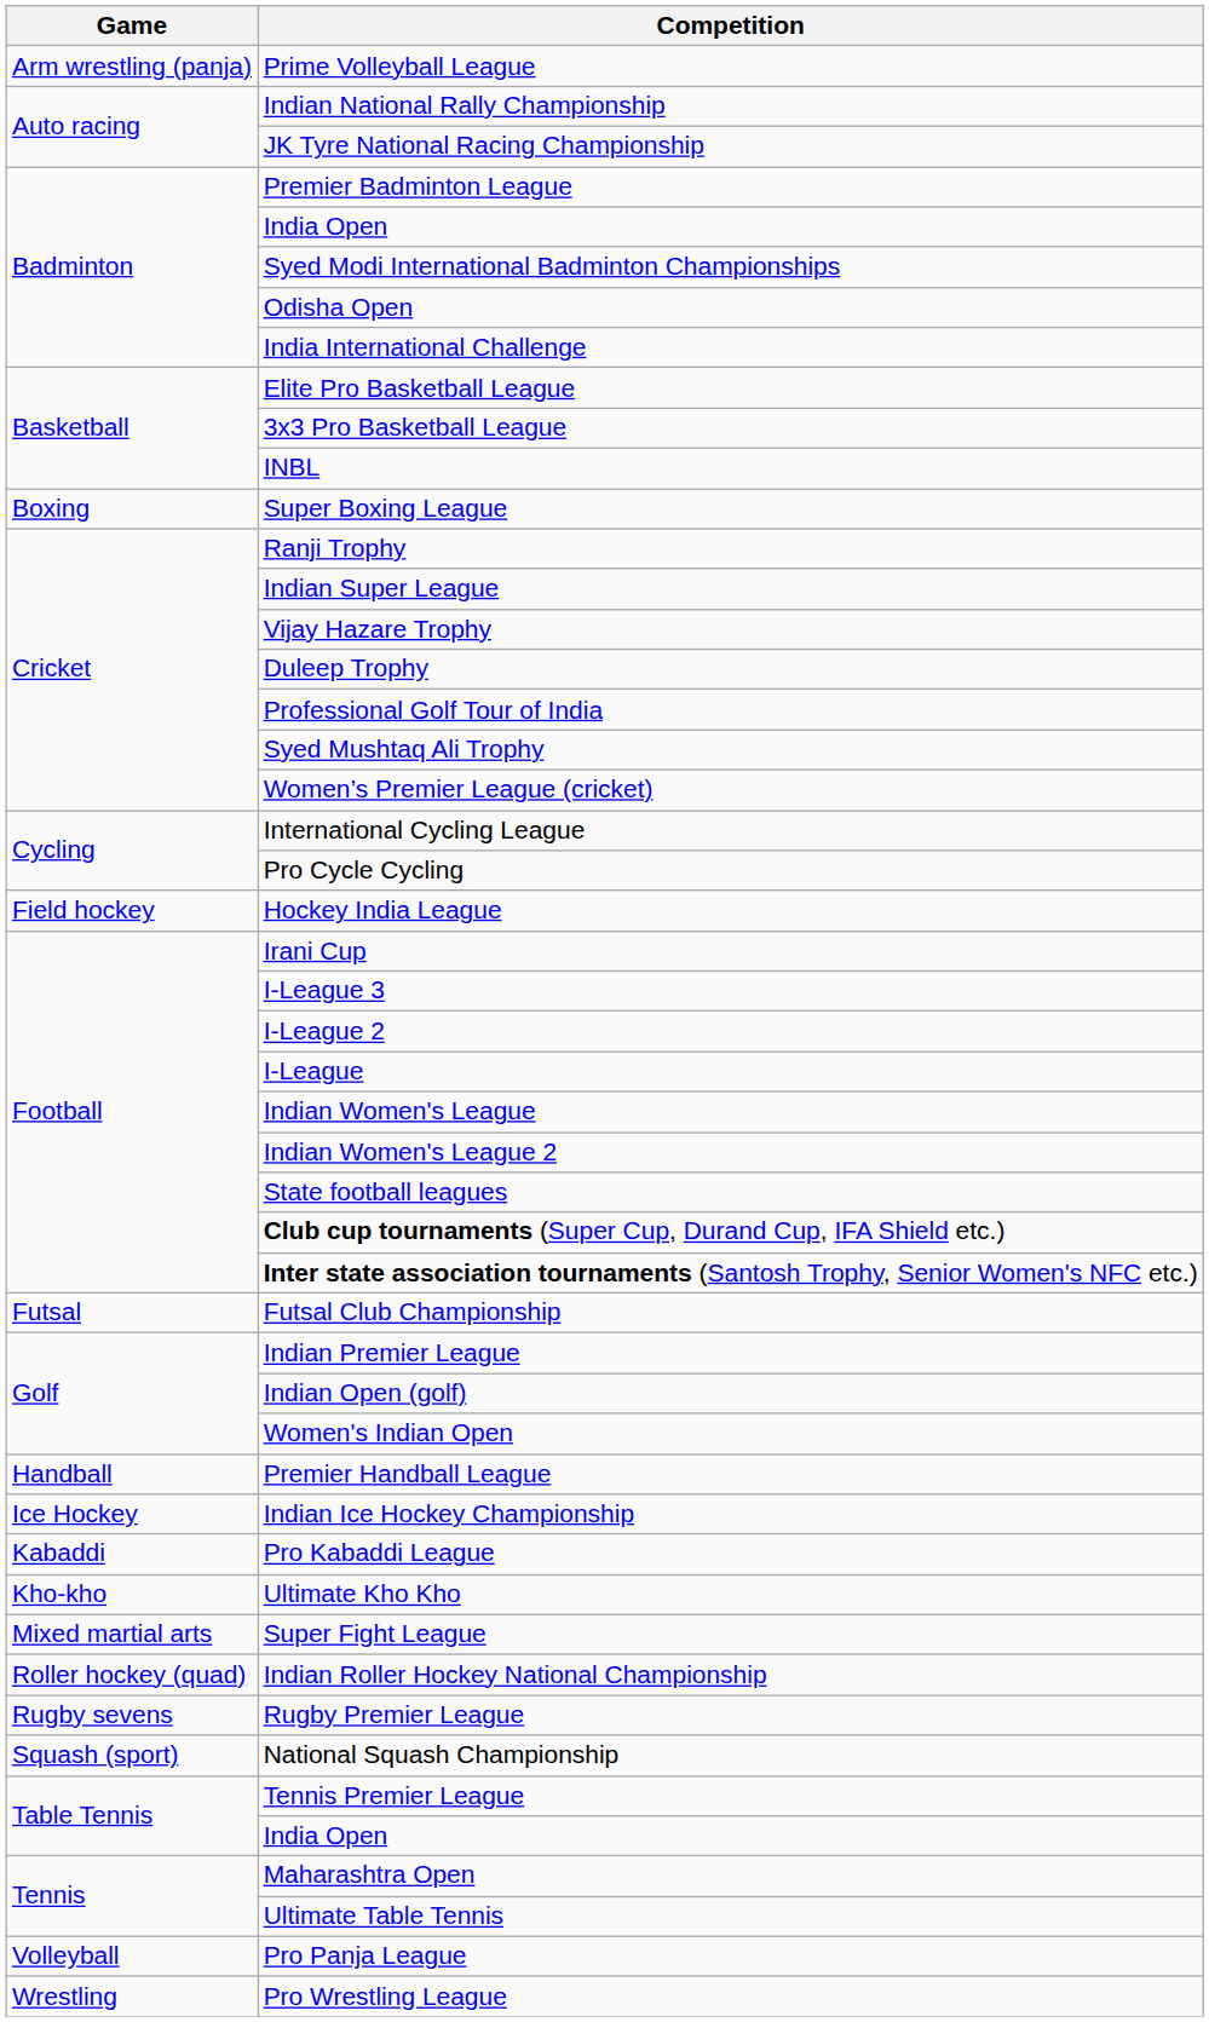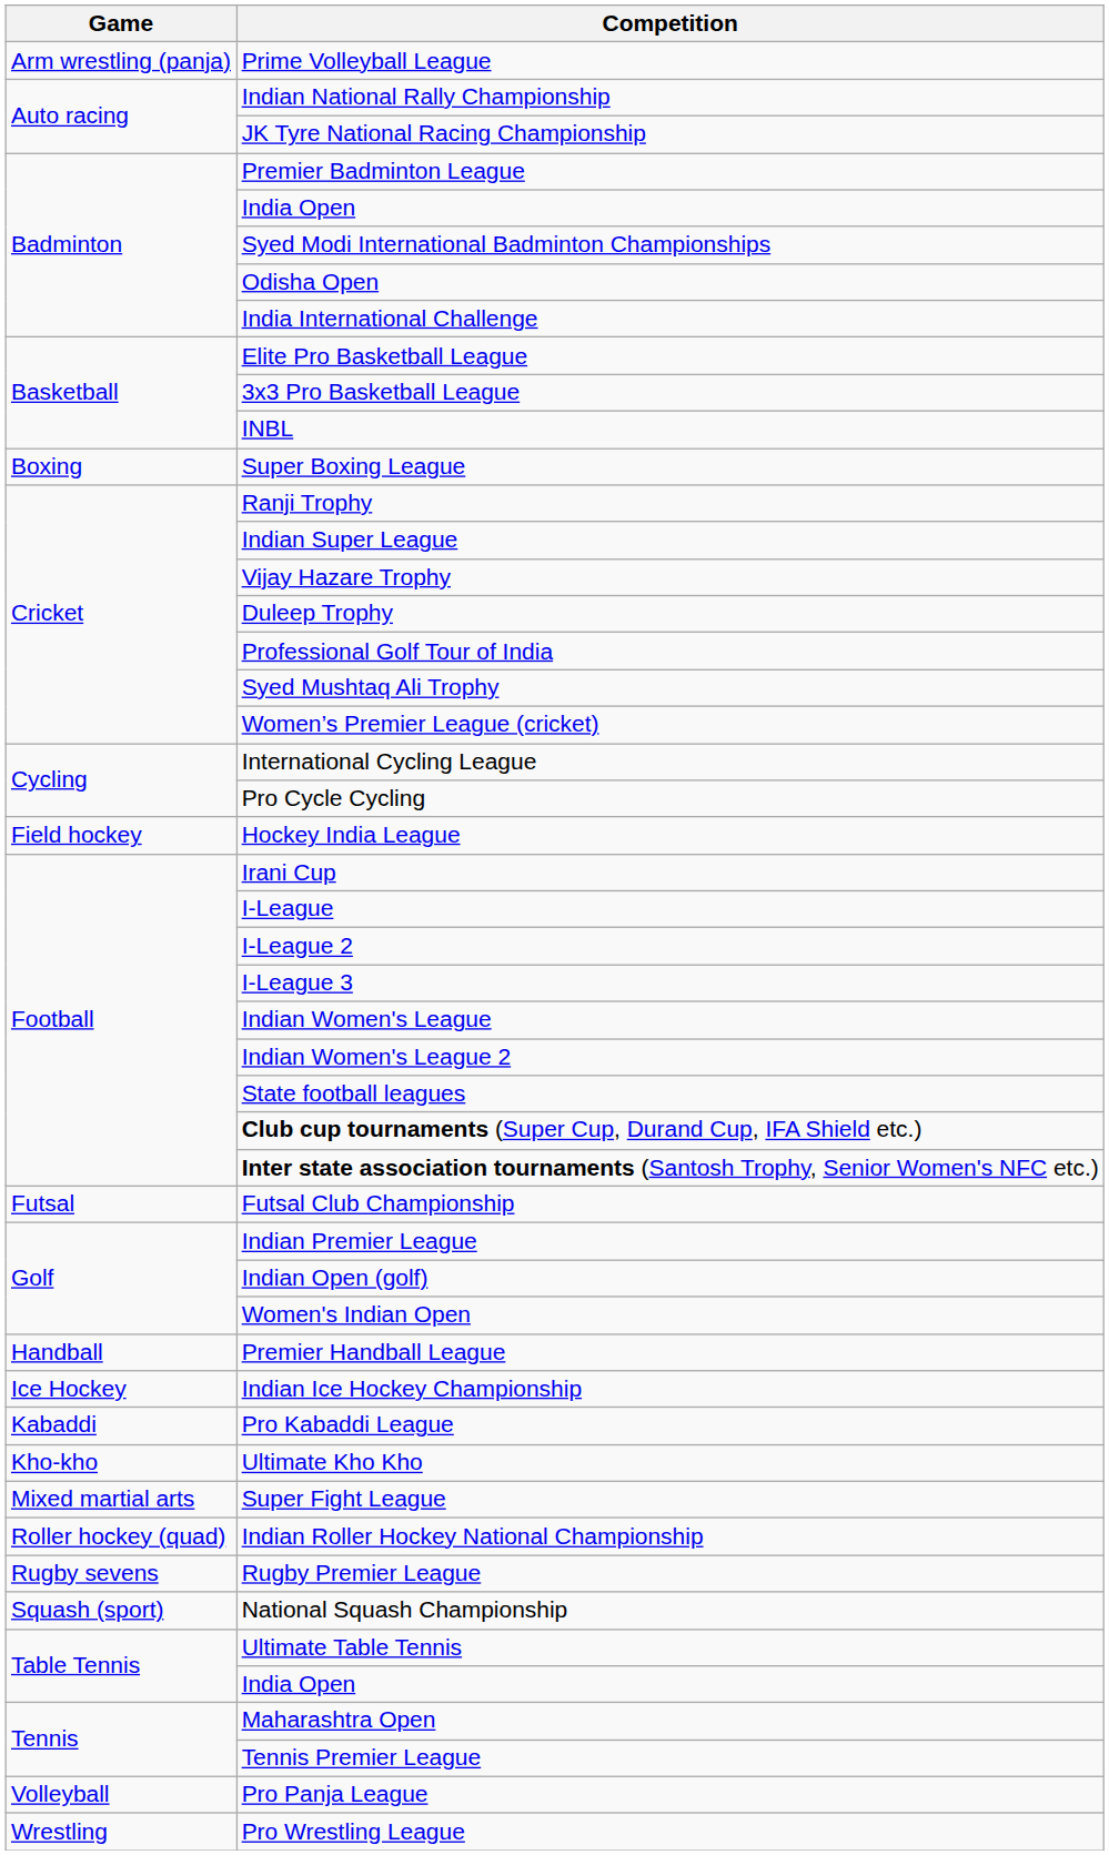 <table class="wikitable sortable" align="center" style="margin:.5em;">
 <tr>
 <th>Game</th>
 <th>Competition</th>
 </tr>
 <tr>
 <td> <a href='#'>Arm wrestling (panja)</a></td>
 <td><a href='#'>Prime Volleyball League</a></td>
 </tr>
 <tr>
 <td rowspan="2"> <a href='#'>Auto racing</a></td>
 <td><a href='#'>Indian National Rally Championship</a></td>
 </tr>
 <tr>
 <td><a href='#'>JK Tyre National Racing Championship</a></td>
 </tr>
 <tr>
 <td rowspan="5"> <a href='#'>Badminton</a></td>
 <td><a href='#'>Premier Badminton League</a></td>
 </tr>
 <tr>
 <td><a href='#'>India Open</a></td>
 </tr>
 <tr>
 <td><a href='#'>Syed Modi International Badminton Championships</a></td>
 </tr>
 <tr>
 <td><a href='#'>Odisha Open</a></td>
 </tr>
 <tr>
 <td><a href='#'>India International Challenge</a></td>
 </tr>
 <tr>
 <td rowspan="3"> <a href='#'>Basketball</a></td>
 <td><a href='#'>Elite Pro Basketball League</a></td>
 </tr>
 <tr>
 <td><a href='#'>3x3 Pro Basketball League</a></td>
 </tr>
 <tr>
 <td><a href='#'>INBL</a></td>
 </tr>
 <tr>
 <td> <a href='#'>Boxing</a></td>
 <td><a href='#'>Super Boxing League</a></td>
 </tr>
 <tr>
 <td rowspan="7"> <a href='#'>Cricket</a></td>
 <td><a href='#'>Ranji Trophy</a></td>
 </tr>
 <tr>
 <td><a href='#'>Indian Super League</a></td>
 </tr>
 <tr>
 <td><a href='#'>Vijay Hazare Trophy</a></td>
 </tr>
 <tr>
 <td><a href='#'>Duleep Trophy</a></td>
 </tr>
 <tr>
 <td><a href='#'>Professional Golf Tour of India</a></td>
 </tr>
 <tr>
 <td><a href='#'>Syed Mushtaq Ali Trophy</a></td>
 </tr>
 <tr>
 <td><a href='#'>Women’s Premier League (cricket)</a></td>
 </tr>
 <tr>
 <td rowspan="2"> <a href='#'>Cycling</a></td>
 <td>International Cycling League</td>
 </tr>
 <tr>
 <td>Pro Cycle Cycling</td>
 </tr>
 <tr>
 <td> <a href='#'>Field hockey</a></td>
 <td><a href='#'>Hockey India League</a></td>
 </tr>
 <tr>
 <td rowspan="9"> <a href='#'>Football</a></td>
 <td><a href='#'>Irani Cup</a></td>
 </tr>
 <tr>
-<td><a href='#'>I-League 3</a></td>
+<td><a href='#'>I-League</a></td>
 </tr>
 <tr>
 <td><a href='#'>I-League 2</a></td>
 </tr>
 <tr>
-<td><a href='#'>I-League</a></td>
+<td><a href='#'>I-League 3</a></td>
 </tr>
 <tr>
 <td><a href='#'>Indian Women's League</a></td>
 </tr>
 <tr>
 <td><a href='#'>Indian Women's League 2</a></td>
 </tr>
 <tr>
 <td><a href='#'>State football leagues</a></td>
 </tr>
 <tr>
 <td><strong>Club cup tournaments</strong> (<a href='#'>Super Cup</a>, <a href='#'>Durand Cup</a>, <a href='#'>IFA Shield</a> etc.)</td>
 </tr>
 <tr>
 <td><strong>Inter state association tournaments</strong> (<a href='#'>Santosh Trophy</a>, <a href='#'>Senior Women's NFC</a> etc.)</td>
 </tr>
 <tr>
 <td> <a href='#'>Futsal</a></td>
 <td><a href='#'>Futsal Club Championship</a></td>
 </tr>
 <tr>
 <td rowspan="3"> <a href='#'>Golf</a></td>
 <td><a href='#'>Indian Premier League</a></td>
 </tr>
 <tr>
 <td><a href='#'>Indian Open (golf)</a></td>
 </tr>
 <tr>
 <td><a href='#'>Women's Indian Open</a></td>
 </tr>
 <tr>
 <td> <a href='#'>Handball</a></td>
 <td><a href='#'>Premier Handball League</a></td>
 </tr>
 <tr>
 <td> <a href='#'>Ice Hockey</a></td>
 <td><a href='#'>Indian Ice Hockey Championship</a></td>
 </tr>
 <tr>
 <td> <a href='#'>Kabaddi</a></td>
 <td><a href='#'>Pro Kabaddi League</a></td>
 </tr>
 <tr>
 <td> <a href='#'>Kho-kho</a></td>
 <td><a href='#'>Ultimate Kho Kho</a></td>
 </tr>
 <tr>
 <td> <a href='#'>Mixed martial arts</a></td>
 <td><a href='#'>Super Fight League</a></td>
 </tr>
 <tr>
 <td> <a href='#'>Roller hockey (quad)</a></td>
 <td><a href='#'>Indian Roller Hockey National Championship</a></td>
 </tr>
 <tr>
 <td> <a href='#'>Rugby sevens</a></td>
 <td><a href='#'>Rugby Premier League</a></td>
 </tr>
 <tr>
 <td> <a href='#'>Squash (sport)</a></td>
 <td>National Squash Championship</td>
 </tr>
 <tr>
 <td rowspan="2"> <a href='#'>Table Tennis</a></td>
-<td><a href='#'>Tennis Premier League</a></td>
+<td><a href='#'>Ultimate Table Tennis</a></td>
 </tr>
 <tr>
 <td><a href='#'>India Open</a></td>
 </tr>
 <tr>
 <td rowspan="2"> <a href='#'>Tennis</a></td>
 <td><a href='#'>Maharashtra Open</a></td>
 </tr>
 <tr>
-<td><a href='#'>Ultimate Table Tennis</a></td>
+<td><a href='#'>Tennis Premier League</a></td>
 </tr>
 <tr>
 <td> <a href='#'>Volleyball</a></td>
 <td><a href='#'>Pro Panja League</a></td>
 </tr>
 <tr>
 <td> <a href='#'>Wrestling</a></td>
 <td><a href='#'>Pro Wrestling League</a></td>
 </tr>
 </table>
